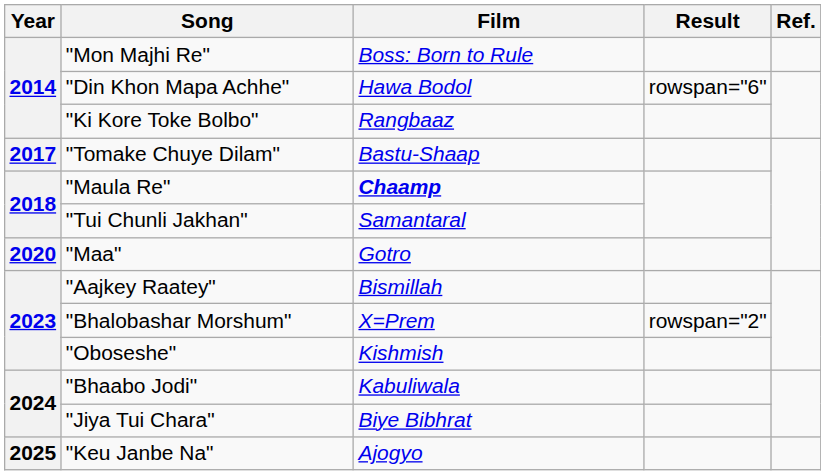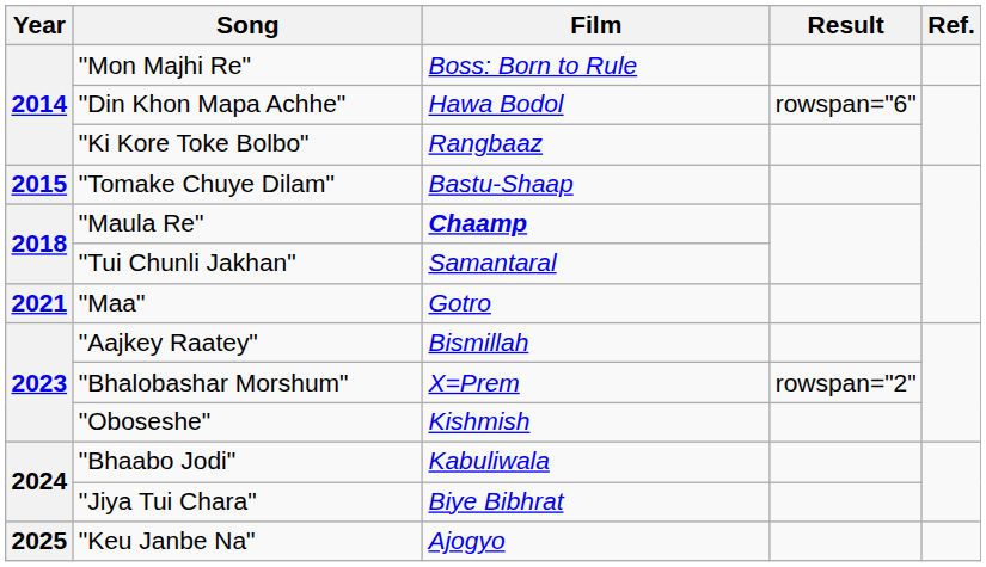 <table class="wikitable plainrowheaders" width="100%" "textcolor:#000;">
 <tr>
 <th scope="col" width=5%><strong>Year</strong></th>
 <th scope="col" width=39%><strong>Song</strong></th>
 <th scope="col" width=39%><strong>Film</strong></th>
 <th scope="col" width=15%><strong>Result</strong></th>
 <th scope="col" width=2%><strong>Ref.</strong></th>
 </tr>
 <tr>
 <th scope="row" rowspan="3"><a href='#'>2014</a></th>
 <td>"Mon Majhi Re"</td>
 <td><em><a href='#'>Boss: Born to Rule</a></em></td>
 <td></td>
 <td></td>
 </tr>
 <tr>
 <td>"Din Khon Mapa Achhe"</td>
 <td><em><a href='#'>Hawa Bodol</a></em></td>
 <td>rowspan="6" </td>
 <td rowspan="2"></td>
 </tr>
 <tr>
 <td>"Ki Kore Toke Bolbo"</td>
 <td><em><a href='#'>Rangbaaz</a></em></td>
 </tr>
 <tr>
-<th scope="row"><a href='#'>2017</a></th>
+<th scope="row"><a href='#'>2015</a></th>
 <td>"Tomake Chuye Dilam"</td>
 <td><em><a href='#'>Bastu-Shaap</a></em></td>
 <td></td>
 </tr>
 <tr>
 <th scope="row" rowspan="2"><a href='#'>2018</a></th>
 <td>"Maula Re"</td>
 <td><strong><em><a href='#'>Chaamp</a></em></strong></td>
 <td rowspan="2"></td>
 </tr>
 <tr>
 <td>"Tui Chunli Jakhan"</td>
 <td><em><a href='#'>Samantaral</a></em></td>
 </tr>
 <tr>
-<th scope="row"><a href='#'>2020</a></th>
+<th scope="row"><a href='#'>2021</a></th>
 <td>"Maa"</td>
 <td><em><a href='#'>Gotro</a></em></td>
 <td></td>
 </tr>
 <tr>
 <th scope="row" rowspan="3"><a href='#'>2023</a></th>
 <td>"Aajkey Raatey"</td>
 <td><em><a href='#'>Bismillah</a></em></td>
 <td></td>
 <td rowspan="3"></td>
 </tr>
 <tr>
 <td>"Bhalobashar Morshum"</td>
 <td><em><a href='#'>X=Prem</a></em></td>
 <td>rowspan="2" </td>
 </tr>
 <tr>
 <td>"Oboseshe"</td>
 <td><em><a href='#'>Kishmish</a></em></td>
 </tr>
 <tr>
 <th scope="row" rowspan="2">2024</th>
 <td>"Bhaabo Jodi"</td>
 <td><em><a href='#'>Kabuliwala</a></em></td>
 <td></td>
 <td rowspan="2"></td>
 </tr>
 <tr>
 <td>"Jiya Tui Chara"</td>
 <td><em><a href='#'>Biye Bibhrat</a></em></td>
 <td></td>
 </tr>
 <tr>
 <th scope="row" rowspan="1">2025</th>
 <td>"Keu Janbe Na"</td>
 <td><em><a href='#'>Ajogyo</a></em></td>
 <td></td>
 <td rowspan="1"></td>
 </tr>
 </table>
